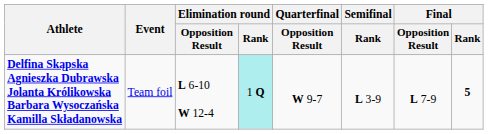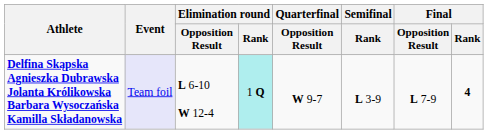 <table class="wikitable" style="font-size:90%;">
 <tr>
 <th rowspan="2">Athlete</th>
 <th rowspan="2">Event</th>
 <th colspan="2">Elimination round</th>
 <th colspan="1">Quarterfinal</th>
 <th colspan="1">Semifinal</th>
 <th colspan=2>Final</th>
 </tr>
 <tr style="font-size:95%">
 <th>Opposition<br>Result</th>
 <th>Rank</th>
 <th>Opposition<br>Result</th>
 <th>Rank</th>
 <th>Opposition<br>Result</th>
 <th>Rank</th>
 </tr>
 <tr align=center>
 <td align=left><strong><a href='#'>Delfina Skąpska</a><br><a href='#'>Agnieszka Dubrawska</a><br><a href='#'>Jolanta Królikowska</a><br><a href='#'>Barbara Wysoczańska</a><br><a href='#'>Kamilla Składanowska</a></strong></td>
-<td align=left><a href='#'>Team foil</a></td>
+<td align=left style="background: lavender;"><a href='#'>Team foil</a></td>
 <td align=left><br> <strong>L</strong> 6-10<br><br> <strong>W</strong> 12-4</td>
 <td style="background: paleturquoise;">1 <strong>Q</strong></td>
 <td><br> <strong>W</strong> 9-7</td>
 <td><br> <strong>L</strong> 3-9</td>
 <td><br> <strong>L</strong> 7-9</td>
-<td><strong>5</strong></td>
+<td><strong>4</strong></td>
 </tr>
 </table>
